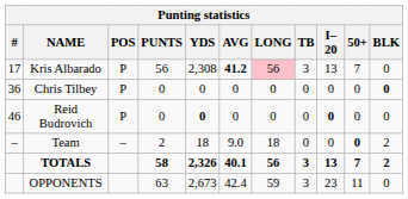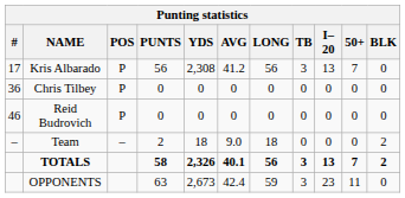 <table style="width:40%; text-align:center;" class="wikitable collapsible collapsed">
 <tr>
 <th colspan="12">Punting statistics</th>
 </tr>
 <tr>
 <th>#</th>
 <th>NAME</th>
 <th>POS</th>
 <th>PUNTS</th>
 <th>YDS</th>
 <th>AVG</th>
 <th>LONG</th>
 <th>TB</th>
 <th>I–20</th>
 <th>50+</th>
 <th>BLK</th>
 </tr>
 <tr>
 <td>17</td>
 <td>Kris Albarado</td>
 <td>P</td>
 <td>56</td>
 <td>2,308</td>
-<td><strong>41.2</strong></td>
-<td style="background: pink;">56</td>
+<td>41.2</td>
+<td>56</td>
 <td>3</td>
 <td>13</td>
 <td>7</td>
 <td>0</td>
 </tr>
 <tr>
 <td>36</td>
 <td>Chris Tilbey</td>
 <td>P</td>
 <td>0</td>
 <td>0</td>
 <td>0</td>
 <td>0</td>
 <td>0</td>
 <td>0</td>
 <td>0</td>
-<td><strong>0</strong></td>
+<td>0</td>
 </tr>
 <tr>
 <td>46</td>
 <td>Reid Budrovich</td>
 <td>P</td>
 <td>0</td>
-<td><strong>0</strong></td>
 <td>0</td>
 <td>0</td>
 <td>0</td>
-<td><strong>0</strong></td>
+<td>0</td>
+<td>0</td>
 <td>0</td>
 <td>0</td>
 </tr>
 <tr>
 <td>–</td>
 <td>Team</td>
 <td>–</td>
 <td>2</td>
 <td>18</td>
 <td>9.0</td>
 <td>18</td>
 <td>0</td>
 <td>0</td>
-<td><strong>0</strong></td>
+<td>0</td>
 <td>2</td>
 </tr>
 <tr>
 <td></td>
 <td><strong>TOTALS</strong></td>
 <td></td>
 <td><strong>58</strong></td>
 <td><strong>2,326</strong></td>
 <td><strong>40.1</strong></td>
 <td><strong>56</strong></td>
 <td><strong>3</strong></td>
 <td><strong>13</strong></td>
 <td><strong>7</strong></td>
 <td><strong>2</strong></td>
 </tr>
 <tr>
 <td></td>
 <td>OPPONENTS</td>
 <td></td>
 <td>63</td>
 <td>2,673</td>
 <td>42.4</td>
 <td>59</td>
 <td>3</td>
 <td>23</td>
 <td>11</td>
 <td>0</td>
 </tr>
 </table>
